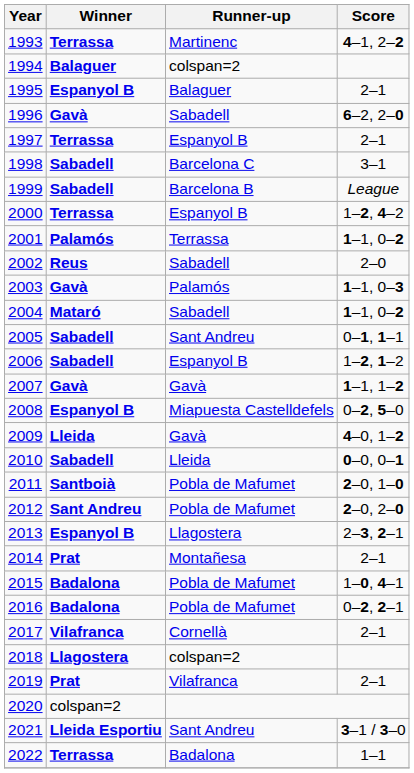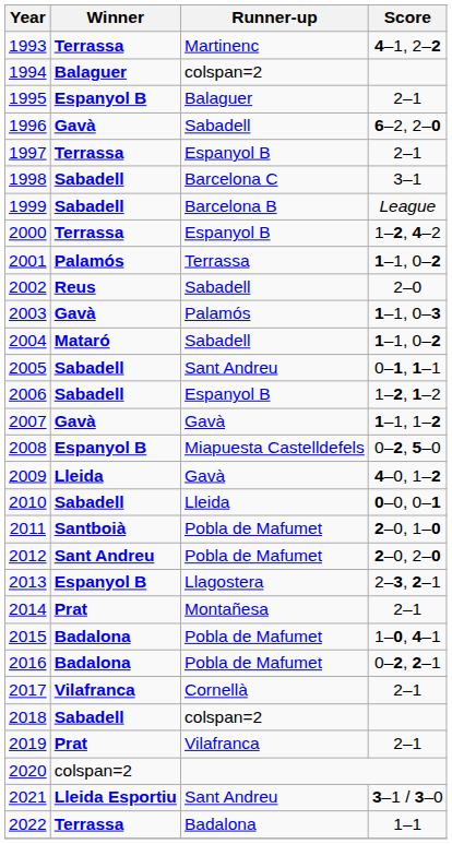 <table class="wikitable">
 <tr>
 <th>Year</th>
 <th>Winner</th>
 <th>Runner-up</th>
 <th>Score</th>
 </tr>
 <tr>
 <td align="center"><a href='#'>1993</a></td>
 <td><strong><a href='#'>Terrassa</a></strong></td>
 <td><a href='#'>Martinenc</a></td>
 <td align="center"><strong>4</strong>–1, 2–<strong>2</strong></td>
 </tr>
 <tr>
 <td align="center"><a href='#'>1994</a></td>
 <td><strong><a href='#'>Balaguer</a></strong></td>
 <td>colspan=2 </td>
 </tr>
 <tr>
 <td align="center"><a href='#'>1995</a></td>
 <td><strong><a href='#'>Espanyol B</a></strong></td>
 <td><a href='#'>Balaguer</a></td>
 <td align="center">2–1</td>
 </tr>
 <tr>
 <td align="center"><a href='#'>1996</a></td>
 <td><strong><a href='#'>Gavà</a></strong></td>
 <td><a href='#'>Sabadell</a></td>
 <td align="center"><strong>6</strong>–2, 2–<strong>0</strong></td>
 </tr>
 <tr>
 <td align="center"><a href='#'>1997</a></td>
 <td><strong><a href='#'>Terrassa</a></strong></td>
 <td><a href='#'>Espanyol B</a></td>
 <td align="center">2–1</td>
 </tr>
 <tr>
 <td align="center"><a href='#'>1998</a></td>
 <td><strong><a href='#'>Sabadell</a></strong></td>
 <td><a href='#'>Barcelona C</a></td>
 <td align="center">3–1</td>
 </tr>
 <tr>
 <td align="center"><a href='#'>1999</a></td>
 <td><strong><a href='#'>Sabadell</a></strong></td>
 <td><a href='#'>Barcelona B</a></td>
 <td align="center"><em>League</em></td>
 </tr>
 <tr>
 <td align="center"><a href='#'>2000</a></td>
 <td><strong><a href='#'>Terrassa</a></strong></td>
 <td><a href='#'>Espanyol B</a></td>
 <td align="center">1–<strong>2</strong>, <strong>4</strong>–2</td>
 </tr>
 <tr>
 <td align="center"><a href='#'>2001</a></td>
 <td><strong><a href='#'>Palamós</a></strong></td>
 <td><a href='#'>Terrassa</a></td>
 <td align="center"><strong>1</strong>–1, 0–<strong>2</strong></td>
 </tr>
 <tr>
 <td align="center"><a href='#'>2002</a></td>
 <td><strong><a href='#'>Reus</a></strong></td>
 <td><a href='#'>Sabadell</a></td>
 <td align="center">2–0</td>
 </tr>
 <tr>
 <td align="center"><a href='#'>2003</a></td>
 <td><strong><a href='#'>Gavà</a></strong></td>
 <td><a href='#'>Palamós</a></td>
 <td align="center"><strong>1</strong>–1, 0–<strong>3</strong></td>
 </tr>
 <tr>
 <td align="center"><a href='#'>2004</a></td>
 <td><strong><a href='#'>Mataró</a></strong></td>
 <td><a href='#'>Sabadell</a></td>
 <td align="center"><strong>1</strong>–1, 0–<strong>2</strong></td>
 </tr>
 <tr>
 <td align="center"><a href='#'>2005</a></td>
 <td><strong><a href='#'>Sabadell</a></strong></td>
 <td><a href='#'>Sant Andreu</a></td>
 <td align="center">0–<strong>1</strong>, <strong>1</strong>–1</td>
 </tr>
 <tr>
 <td align="center"><a href='#'>2006</a></td>
 <td><strong><a href='#'>Sabadell</a></strong></td>
 <td><a href='#'>Espanyol B</a></td>
 <td align="center">1–<strong>2</strong>, <strong>1</strong>–2 </td>
 </tr>
 <tr>
 <td align="center"><a href='#'>2007</a></td>
 <td><strong><a href='#'>Gavà</a></strong></td>
 <td><a href='#'>Gavà</a></td>
 <td align="center"><strong>1</strong>–1, 1–<strong>2</strong></td>
 </tr>
 <tr>
 <td align="center"><a href='#'>2008</a></td>
 <td><strong><a href='#'>Espanyol B</a></strong></td>
 <td><a href='#'>Miapuesta Castelldefels</a></td>
 <td align="center">0–<strong>2</strong>, <strong>5</strong>–0</td>
 </tr>
 <tr>
 <td align="center"><a href='#'>2009</a></td>
 <td><strong><a href='#'>Lleida</a></strong></td>
 <td><a href='#'>Gavà</a></td>
 <td align="center"><strong>4</strong>–0, 1–<strong>2</strong></td>
 </tr>
 <tr>
 <td align="center"><a href='#'>2010</a></td>
 <td><strong><a href='#'>Sabadell</a></strong></td>
 <td><a href='#'>Lleida</a></td>
 <td align="center"><strong>0</strong>–0, 0–<strong>1</strong></td>
 </tr>
 <tr>
 <td align="center"><a href='#'>2011</a></td>
 <td><strong><a href='#'>Santboià</a></strong></td>
 <td><a href='#'>Pobla de Mafumet</a></td>
 <td align="center"><strong>2</strong>–0, 1–<strong>0</strong></td>
 </tr>
 <tr>
 <td align="center"><a href='#'>2012</a></td>
 <td><strong><a href='#'>Sant Andreu</a></strong></td>
 <td><a href='#'>Pobla de Mafumet</a></td>
 <td align="center"><strong>2</strong>–0, 2–<strong>0</strong> </td>
 </tr>
 <tr>
 <td align="center"><a href='#'>2013</a></td>
 <td><strong><a href='#'>Espanyol B</a></strong></td>
 <td><a href='#'>Llagostera</a></td>
 <td align="center">2–<strong>3</strong>, <strong>2</strong>–1</td>
 </tr>
 <tr>
 <td align="center"><a href='#'>2014</a></td>
 <td><strong><a href='#'>Prat</a></strong></td>
 <td><a href='#'>Montañesa</a></td>
 <td align="center">2–1</td>
 </tr>
 <tr>
 <td align="center"><a href='#'>2015</a></td>
 <td><strong><a href='#'>Badalona</a></strong></td>
 <td><a href='#'>Pobla de Mafumet</a></td>
 <td align="center">1–<strong>0</strong>, <strong>4</strong>–1</td>
 </tr>
 <tr>
 <td align="center"><a href='#'>2016</a></td>
 <td><strong><a href='#'>Badalona</a></strong></td>
 <td><a href='#'>Pobla de Mafumet</a></td>
 <td align=center>0–<strong>2</strong>, <strong>2</strong>–1</td>
 </tr>
 <tr>
 <td align="center"><a href='#'>2017</a></td>
 <td><strong><a href='#'>Vilafranca</a></strong></td>
 <td><a href='#'>Cornellà</a></td>
 <td align="center">2–1</td>
 </tr>
 <tr>
 <td align="center"><a href='#'>2018</a></td>
-<td><strong><a href='#'>Llagostera</a></strong></td>
+<td><strong><a href='#'>Sabadell</a></strong></td>
 <td>colspan=2 </td>
 </tr>
 <tr>
 <td align="center"><a href='#'>2019</a></td>
 <td><strong><a href='#'>Prat</a></strong></td>
 <td><a href='#'>Vilafranca</a></td>
 <td align="center">2–1</td>
 </tr>
 <tr>
 <td align="center"><a href='#'>2020</a></td>
 <td>colspan=2 </td>
 </tr>
 <tr>
 <td align="center"><a href='#'>2021</a></td>
 <td><strong><a href='#'>Lleida Esportiu</a></strong></td>
 <td><a href='#'>Sant Andreu</a></td>
 <td align="center"><strong>3</strong>–1 / <strong>3</strong>–0</td>
 </tr>
 <tr>
 <td align="center"><a href='#'>2022</a></td>
 <td><strong><a href='#'>Terrassa</a></strong></td>
 <td><a href='#'>Badalona</a></td>
 <td align="center">1–1 </td>
 </tr>
 <tr>
 </tr>
 </table>
